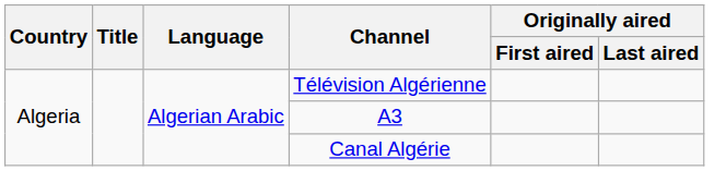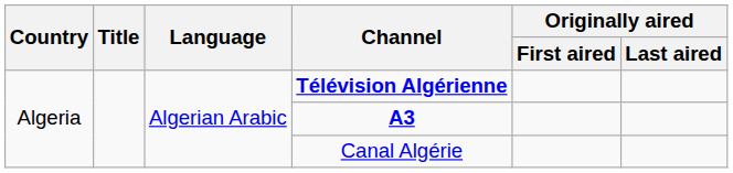 <table class="wikitable plainrowheaders" style="text-align:center;">
 <tr>
 <th scope="col" rowspan="2">Country</th>
 <th scope="col" rowspan="2">Title</th>
 <th scope="col" rowspan="2">Language</th>
 <th scope="col" rowspan="2">Channel</th>
 <th scope="col" colspan="2">Originally aired</th>
 </tr>
 <tr>
 <th scope="col">First aired</th>
 <th scope="col">Last aired</th>
 </tr>
 <tr>
 <td scope="row" rowspan="3">Algeria</td>
 <td rowspan="3"> <em></em></td>
 <td rowspan="3"><a href='#'>Algerian Arabic</a></td>
-<td><a href='#'>Télévision Algérienne</a></td>
+<td><strong><a href='#'>Télévision Algérienne</a></strong></td>
 <td></td>
 <td></td>
 </tr>
 <tr>
-<td scope="row"><a href='#'>A3</a></td>
+<td scope="row"><strong><a href='#'>A3</a></strong></td>
 <td></td>
 <td></td>
 </tr>
 <tr>
 <td scope="row"><a href='#'>Canal Algérie</a></td>
 <td></td>
 <td></td>
 </tr>
 </table>
